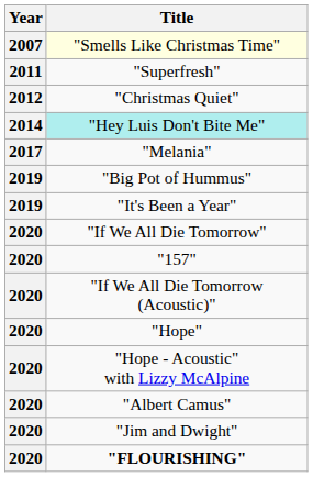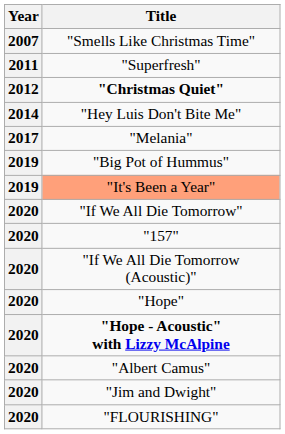 <table class="wikitable plainrowheaders" style="text-align:center;">
 <tr>
 <th scope="col" style="text-align:center"&"width:7em;">Year</th>
 <th scope="col" style="width:15em;">Title</th>
 </tr>
 <tr>
 <th scope="row">2007</th>
-<td style="background: lightyellow;">"Smells Like Christmas Time"</td>
+<td>"Smells Like Christmas Time"</td>
 </tr>
 <tr>
 <th scope="row">2011</th>
 <td>"Superfresh"</td>
 </tr>
 <tr>
 <th scope="row">2012</th>
-<td>"Christmas Quiet"</td>
+<td><strong>"Christmas Quiet"</strong></td>
 </tr>
 <tr>
 <th scope="row">2014</th>
-<td style="background: paleturquoise;">"Hey Luis Don't Bite Me"</td>
+<td>"Hey Luis Don't Bite Me"</td>
 </tr>
 <tr>
 <th scope="row">2017</th>
 <td>"Melania"</td>
 </tr>
 <tr>
 <th scope="row">2019</th>
 <td>"Big Pot of Hummus"</td>
 </tr>
 <tr>
 <th scope="row">2019</th>
-<td>"It's Been a Year"</td>
+<td style="background: lightsalmon;">"It's Been a Year"</td>
 </tr>
 <tr>
 <th scope="row">2020</th>
 <td>"If We All Die Tomorrow"</td>
 </tr>
 <tr>
 <th scope="row">2020</th>
 <td>"157"</td>
 </tr>
 <tr>
 <th scope="row">2020</th>
 <td>"If We All Die Tomorrow (Acoustic)"</td>
 </tr>
 <tr>
 <th scope="row">2020</th>
 <td>"Hope"</td>
 </tr>
 <tr>
 <th scope="row">2020</th>
-<td>"Hope - Acoustic"<br>with <a href='#'>Lizzy McAlpine</a></td>
+<td><strong>"Hope - Acoustic"<br>with <a href='#'>Lizzy McAlpine</a></strong></td>
 </tr>
 <tr>
 <th scope="row">2020</th>
 <td>"Albert Camus"</td>
 </tr>
 <tr>
 <th scope="row">2020</th>
 <td>"Jim and Dwight"</td>
 </tr>
 <tr>
 <th scope="row">2020</th>
-<td><strong>"FLOURISHING"</strong></td>
+<td>"FLOURISHING"</td>
 </tr>
 </table>
